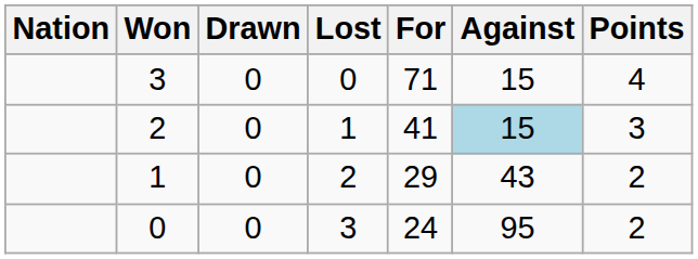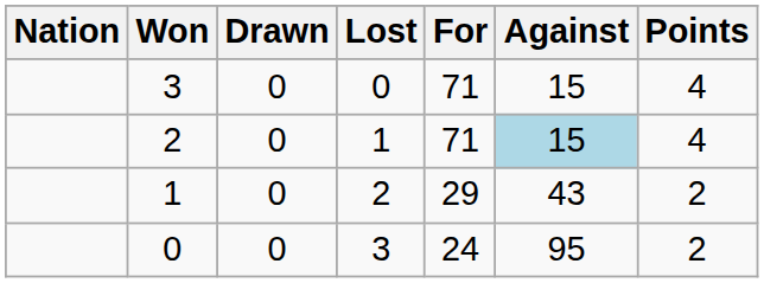 <table class="wikitable" style="text-align: center;">
 <tr>
 <th>Nation</th>
 <th>Won</th>
 <th>Drawn</th>
 <th>Lost</th>
 <th>For</th>
 <th>Against</th>
 <th>Points</th>
 </tr>
 <tr>
 <td align="left"></td>
 <td>3</td>
 <td>0</td>
 <td>0</td>
 <td>71</td>
 <td>15</td>
 <td>4</td>
 </tr>
 <tr>
 <td align="left"></td>
 <td>2</td>
 <td>0</td>
 <td>1</td>
-<td>41</td>
+<td>71</td>
 <td style="background: lightblue;">15</td>
-<td>3</td>
+<td>4</td>
 </tr>
 <tr>
 <td align="left"></td>
 <td>1</td>
 <td>0</td>
 <td>2</td>
 <td>29</td>
 <td>43</td>
 <td>2</td>
 </tr>
 <tr>
 <td align="left"></td>
 <td>0</td>
 <td>0</td>
 <td>3</td>
 <td>24</td>
 <td>95</td>
 <td>2</td>
 </tr>
 </table>
